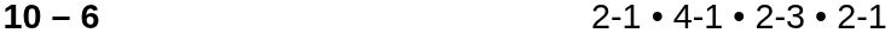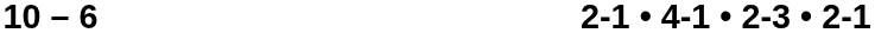 <table>
 <tr>
 <th width=200></th>
 <th width=80></th>
 <th width=200></th>
 <th width=220></th>
 </tr>
 <tr>
 <td align=right><strong></strong></td>
 <td align=center><strong>10 – 6</strong></td>
 <td></td>
-<td>2-1 • 4-1 • 2-3 • 2-1</td>
+<td><strong>2-1 • 4-1 • 2-3 • 2-1</strong></td>
 </tr>
 </table>
